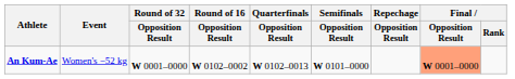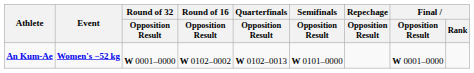 <table class="wikitable" style="font-size:90%">
 <tr>
 <th rowspan="2">Athlete</th>
 <th rowspan="2">Event</th>
 <th>Round of 32</th>
 <th>Round of 16</th>
 <th>Quarterfinals</th>
 <th>Semifinals</th>
 <th>Repechage</th>
 <th colspan=2>Final / </th>
 </tr>
 <tr style="font-size:95%">
 <th>Opposition<br>Result</th>
 <th>Opposition<br>Result</th>
 <th>Opposition<br>Result</th>
 <th>Opposition<br>Result</th>
 <th>Opposition<br>Result</th>
 <th>Opposition<br>Result</th>
 <th>Rank</th>
 </tr>
 <tr align=center>
 <td align=left><strong><a href='#'>An Kum-Ae</a></strong></td>
-<td align=left><a href='#'>Women's −52 kg</a></td>
+<td align=left><strong><a href='#'>Women's −52 kg</a></strong></td>
 <td><br><strong>W</strong> 0001–0000</td>
 <td><br><strong>W</strong> 0102–0002</td>
 <td><br><strong>W</strong> 0102–0013</td>
 <td><br><strong>W</strong> 0101–0000</td>
 <td></td>
-<td style="background: lightsalmon;"><br><strong>W</strong> 0001–0000</td>
+<td><br><strong>W</strong> 0001–0000</td>
 <td></td>
 </tr>
 </table>
